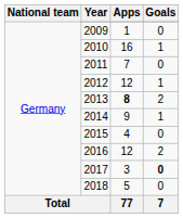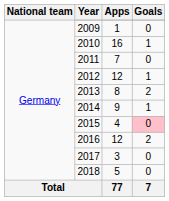 <table class="wikitable" style="text-align:center">
 <tr>
 <th>National team</th>
 <th>Year</th>
 <th>Apps</th>
 <th>Goals</th>
 </tr>
 <tr>
 <td rowspan="11"><a href='#'>Germany</a></td>
 </tr>
 <tr>
 <td>2009</td>
 <td>1</td>
 <td>0</td>
 </tr>
 <tr>
 <td>2010</td>
 <td>16</td>
 <td>1</td>
 </tr>
 <tr>
 <td>2011</td>
 <td>7</td>
 <td>0</td>
 </tr>
 <tr>
 <td>2012</td>
 <td>12</td>
 <td>1</td>
 </tr>
 <tr>
 <td>2013</td>
-<td><strong>8</strong></td>
+<td>8</td>
 <td>2</td>
 </tr>
 <tr>
 <td>2014</td>
 <td>9</td>
 <td>1</td>
 </tr>
 <tr>
 <td>2015</td>
 <td>4</td>
-<td>0</td>
+<td style="background: pink;">0</td>
 </tr>
 <tr>
 <td>2016</td>
 <td>12</td>
 <td>2</td>
 </tr>
 <tr>
 <td>2017</td>
 <td>3</td>
-<td><strong>0</strong></td>
+<td>0</td>
 </tr>
 <tr>
 <td>2018</td>
 <td>5</td>
 <td>0</td>
 </tr>
 <tr>
 <th colspan="2">Total</th>
 <th>77</th>
 <th>7</th>
 </tr>
 </table>
